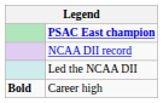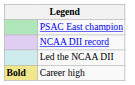 <table class="wikitable">
 <tr>
 <th colspan="2">Legend</th>
 </tr>
 <tr>
 <td style="background:#afe6ba; width:3em;"></td>
-<td><strong><a href='#'>PSAC East champion</a></strong></td>
+<td><a href='#'>PSAC East champion</a></td>
 </tr>
 <tr>
 <td style="background:#e0cef2; width:3em;"></td>
 <td><a href='#'>NCAA DII record</a></td>
 </tr>
 <tr>
 <td style="background:#cfecec; width:3em;"></td>
 <td>Led the NCAA DII</td>
 </tr>
 <tr>
-<td><strong>Bold</strong></td>
+<td style="background: khaki;"><strong>Bold</strong></td>
 <td>Career high</td>
 </tr>
 </table>
